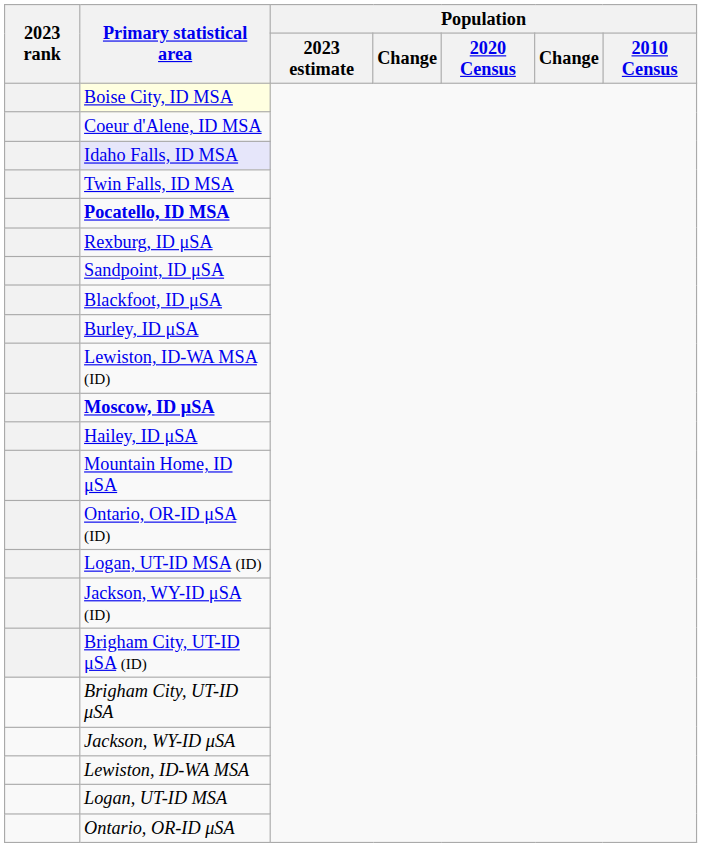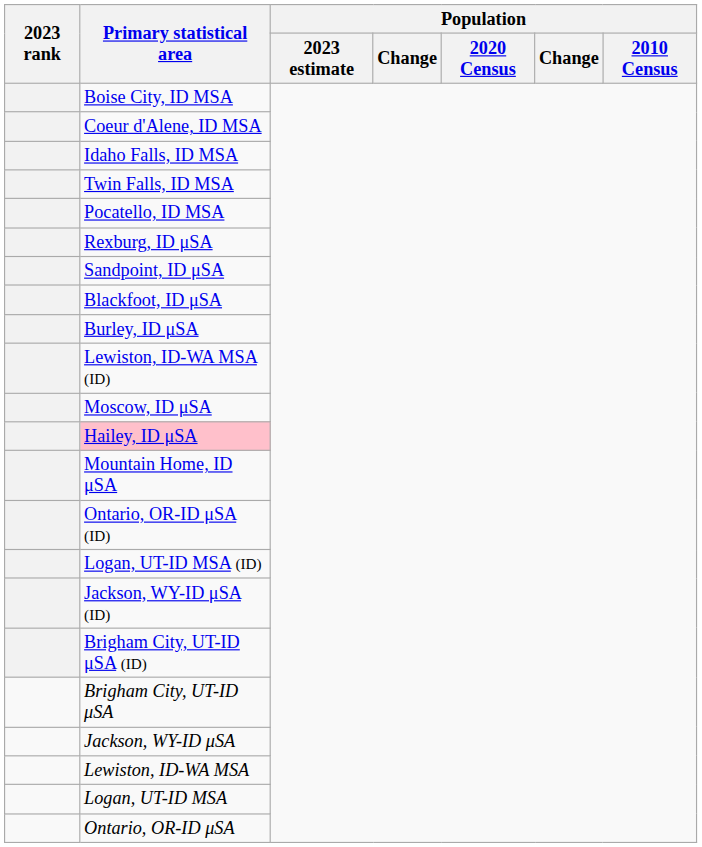 <table class="wikitable sortable">
 <tr>
 <th scope=col rowspan=2>2023 rank</th>
 <th scope=col rowspan=2><a href='#'>Primary statistical area</a></th>
 <th colspan=5>Population</th>
 </tr>
 <tr>
 <th scope=col>2023 estimate</th>
 <th scope=col>Change</th>
 <th scope=col><a href='#'>2020 Census</a></th>
 <th scope=col>Change</th>
 <th scope=col><a href='#'>2010 Census</a></th>
 </tr>
 <tr>
 <th scope=row></th>
-<td style="background: lightyellow;"><a href='#'>Boise City, ID MSA</a><br></td>
+<td><a href='#'>Boise City, ID MSA</a><br></td>
 </tr>
 <tr>
 <th scope=row></th>
 <td><a href='#'>Coeur d'Alene, ID MSA</a><br></td>
 </tr>
 <tr>
 <th scope=row></th>
-<td style="background: lavender;"><a href='#'>Idaho Falls, ID MSA</a><br></td>
+<td><a href='#'>Idaho Falls, ID MSA</a><br></td>
 </tr>
 <tr>
 <th scope=row></th>
 <td><a href='#'>Twin Falls, ID MSA</a><br></td>
 </tr>
 <tr>
 <th scope=row></th>
-<td><strong><a href='#'>Pocatello, ID MSA</a><br></strong></td>
+<td><a href='#'>Pocatello, ID MSA</a><br></td>
 </tr>
 <tr>
 <th scope=row></th>
 <td><a href='#'>Rexburg, ID μSA</a><br></td>
 </tr>
 <tr>
 <th scope=row></th>
 <td><a href='#'>Sandpoint, ID μSA</a><br></td>
 </tr>
 <tr>
 <th scope=row></th>
 <td><a href='#'>Blackfoot, ID μSA</a><br></td>
 </tr>
 <tr>
 <th scope=row></th>
 <td><a href='#'>Burley, ID μSA</a><br></td>
 </tr>
 <tr>
 <th scope=row></th>
 <td><a href='#'>Lewiston, ID-WA MSA</a> <small>(ID)</small><br></td>
 </tr>
 <tr>
 <th scope=row></th>
-<td><strong><a href='#'>Moscow, ID μSA</a><br></strong></td>
+<td><a href='#'>Moscow, ID μSA</a><br></td>
 </tr>
 <tr>
 <th scope=row></th>
-<td><a href='#'>Hailey, ID μSA</a><br></td>
+<td style="background: pink;"><a href='#'>Hailey, ID μSA</a><br></td>
 </tr>
 <tr>
 <th scope=row></th>
 <td><a href='#'>Mountain Home, ID μSA</a><br></td>
 </tr>
 <tr>
 <th scope=row></th>
 <td><a href='#'>Ontario, OR-ID μSA</a> <small>(ID)</small><br></td>
 </tr>
 <tr>
 <th scope=row></th>
 <td><a href='#'>Logan, UT-ID MSA</a> <small>(ID)</small><br></td>
 </tr>
 <tr>
 <th scope=row></th>
 <td><a href='#'>Jackson, WY-ID μSA</a> <small>(ID)</small><br></td>
 </tr>
 <tr>
 <th scope=row></th>
 <td><a href='#'>Brigham City, UT-ID μSA</a> <small>(ID)</small><br></td>
 </tr>
 <tr>
 <td></td>
 <td><em><span>Brigham City, UT-ID μSA</span></em><br></td>
 </tr>
 <tr>
 <td></td>
 <td><em><span>Jackson, WY-ID μSA</span></em><br></td>
 </tr>
 <tr>
 <td></td>
 <td><em><span>Lewiston, ID-WA MSA</span></em><br></td>
 </tr>
 <tr>
 <td></td>
 <td><em><span>Logan, UT-ID MSA</span></em><br></td>
 </tr>
 <tr>
 <td></td>
 <td><em><span>Ontario, OR-ID μSA</span></em><br></td>
 </tr>
 </table>
